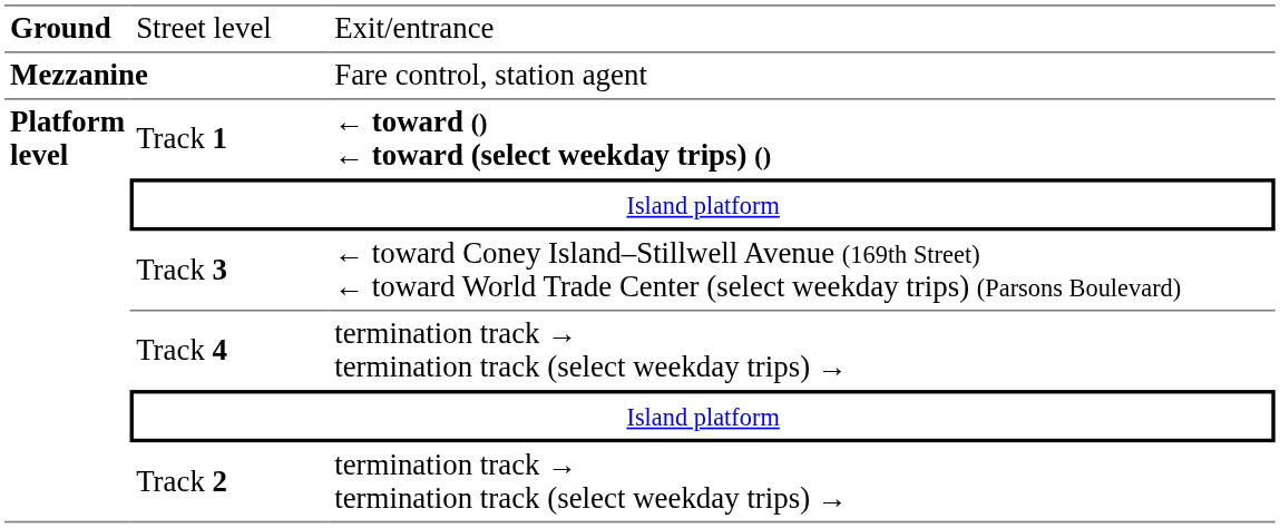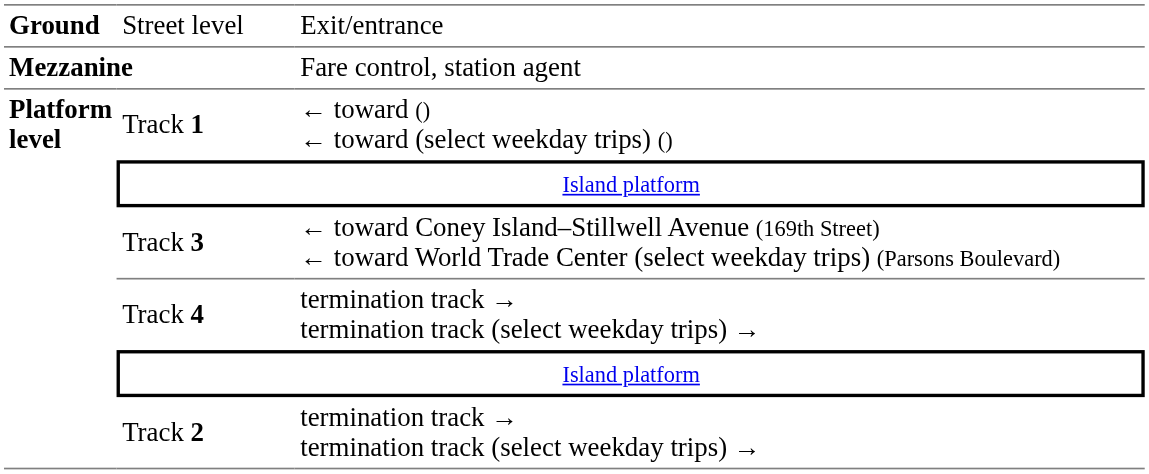 <table border=0 cellspacing=0 cellpadding=3>
 <tr>
 <td style="border-top:solid 1px gray;" width=50><strong>Ground</strong></td>
 <td style="border-top:solid 1px gray;" width=100>Street level</td>
 <td style="border-top:solid 1px gray;" width=500>Exit/entrance</td>
 </tr>
 <tr>
 <td style="border-top:solid 1px gray;" colspan=2><strong>Mezzanine</strong></td>
 <td style="border-top:solid 1px gray;">Fare control, station agent<br></td>
 </tr>
 <tr>
 <td style="border-top:solid 1px gray;border-bottom:solid 1px gray;vertical-align:top;" rowspan=6><strong>Platform<br>level</strong></td>
 <td style="border-top:solid 1px gray;">Track <strong>1</strong></td>
-<td style="border-top:solid 1px gray;"><strong>←   toward  <small>()</small><br>←  toward  (select weekday trips) <small>()</small></strong></td>
+<td style="border-top:solid 1px gray;">←   toward  <small>()</small><br>←  toward  (select weekday trips) <small>()</small></td>
 </tr>
 <tr>
 <td style="border-top:solid 2px black;border-right:solid 2px black;border-left:solid 2px black;border-bottom:solid 2px black;text-align:center;" colspan=2><small><a href='#'>Island platform</a> </small></td>
 </tr>
 <tr>
 <td style="border-bottom:solid 1px gray;">Track <strong>3</strong></td>
 <td style="border-bottom:solid 1px gray;">←  toward Coney Island–Stillwell Avenue <small>(169th Street)</small><br>←  toward World Trade Center (select weekday trips) <small>(Parsons Boulevard)</small></td>
 </tr>
 <tr>
 <td>Track <strong>4</strong></td>
 <td>  termination track →<br>  termination track (select weekday trips) →</td>
 </tr>
 <tr>
 <td style="border-top:solid 2px black;border-right:solid 2px black;border-left:solid 2px black;border-bottom:solid 2px black;text-align:center;" colspan=2><small><a href='#'>Island platform</a> </small></td>
 </tr>
 <tr>
 <td style="border-bottom:solid 1px gray;">Track <strong>2</strong></td>
 <td style="border-bottom:solid 1px gray;">  termination track →<br>  termination track (select weekday trips) →</td>
 </tr>
 </table>
